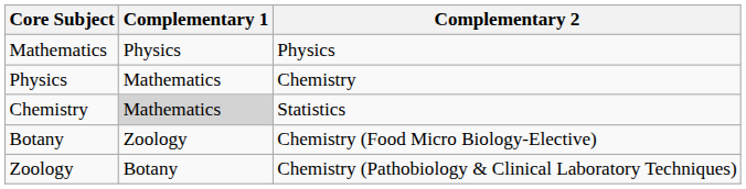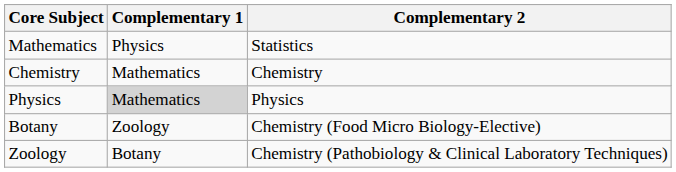 <table class="wikitable" border="1">
 <tr>
 <th>Core Subject</th>
 <th>Complementary 1</th>
 <th>Complementary 2</th>
 </tr>
 <tr>
 <td>Mathematics</td>
 <td>Physics</td>
-<td>Physics</td>
+<td>Statistics</td>
 </tr>
 <tr>
-<td>Physics</td>
+<td>Chemistry</td>
 <td>Mathematics</td>
 <td>Chemistry</td>
 </tr>
 <tr>
-<td>Chemistry</td>
+<td>Physics</td>
 <td style="background: lightgrey;">Mathematics</td>
-<td>Statistics</td>
+<td>Physics</td>
 </tr>
 <tr>
 <td>Botany</td>
 <td>Zoology</td>
 <td>Chemistry (Food Micro Biology-Elective)</td>
 </tr>
 <tr>
 <td>Zoology</td>
 <td>Botany</td>
 <td>Chemistry (Pathobiology & Clinical Laboratory Techniques)</td>
 </tr>
 </table>
